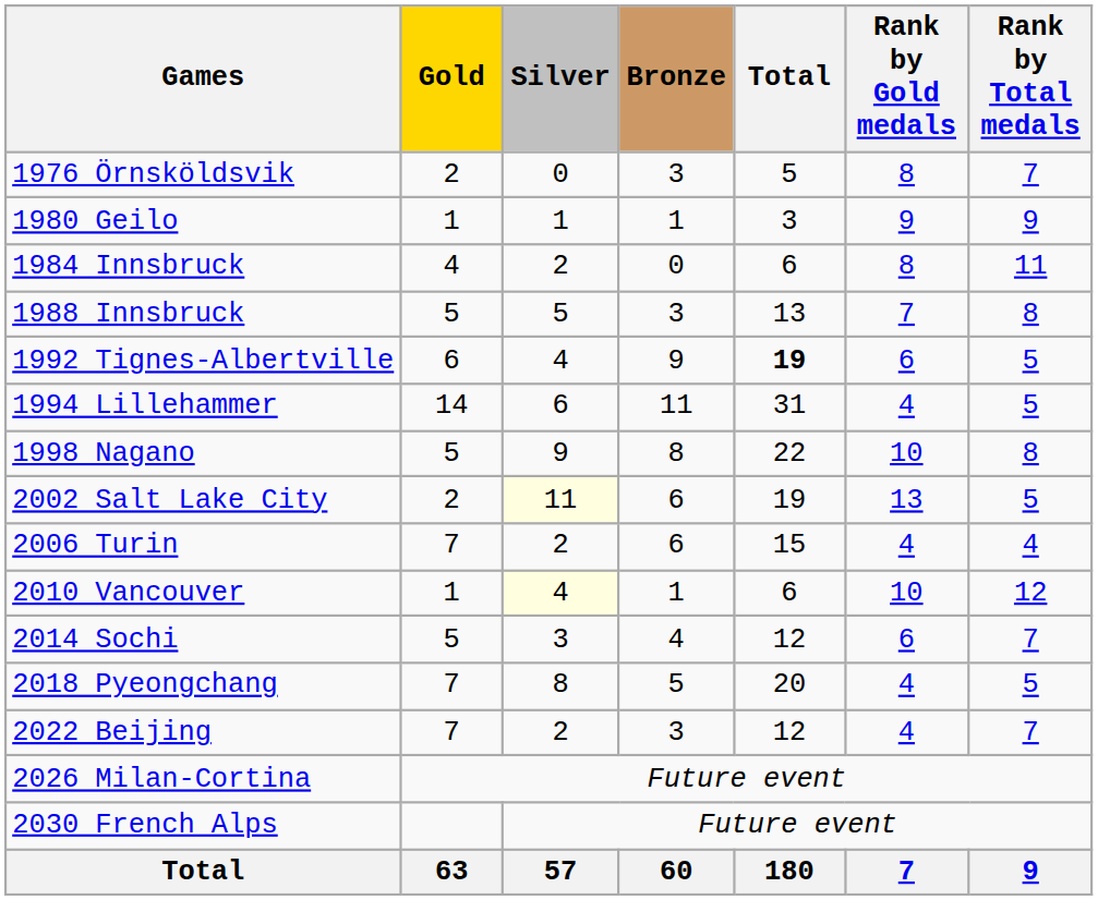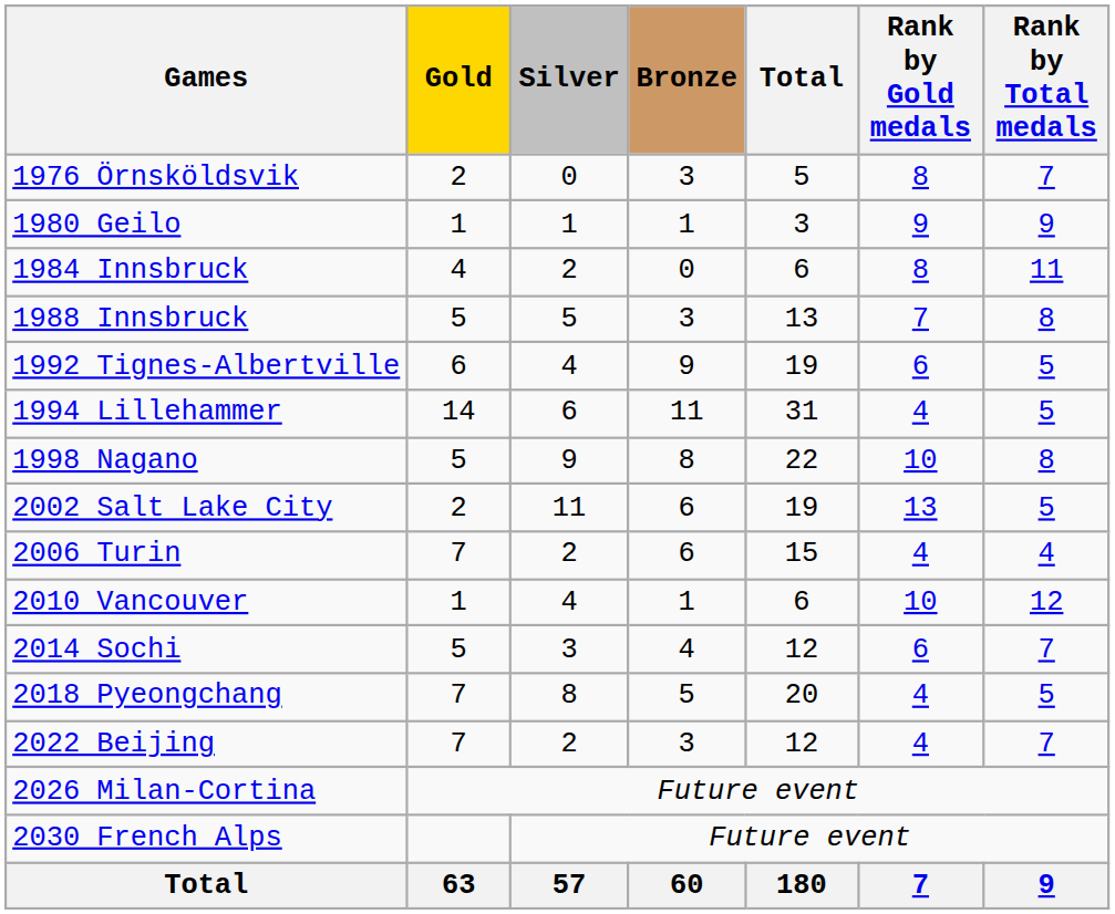 <table class="wikitable" style="text-align:center; font-size:90%;">
 <tr>
 <th>Games</th>
 <td style="background:gold; width:3.2em; font-weight:bold;">Gold</td>
 <td style="background:silver; width:3.7em; font-weight:bold;">Silver</td>
 <td style="background:#c96; width:3.7em; font-weight:bold;">Bronze</td>
 <th style="width:3.5em; font-weight:bold;">Total</th>
 <th style="width:4em; font-weight:bold;">Rank by <a href='#'>Gold medals</a></th>
 <th style="width:4em; font-weight:bold;">Rank by <a href='#'>Total medals</a></th>
 </tr>
 <tr>
 <td align=left> <a href='#'>1976 Örnsköldsvik</a></td>
 <td>2</td>
 <td>0</td>
 <td>3</td>
 <td>5</td>
 <td><a href='#'>8</a></td>
 <td><a href='#'>7</a></td>
 </tr>
 <tr>
 <td align=left> <a href='#'>1980 Geilo</a></td>
 <td>1</td>
 <td>1</td>
 <td>1</td>
 <td>3</td>
 <td><a href='#'>9</a></td>
 <td><a href='#'>9</a></td>
 </tr>
 <tr>
 <td align=left> <a href='#'>1984 Innsbruck</a></td>
 <td>4</td>
 <td>2</td>
 <td>0</td>
 <td>6</td>
 <td><a href='#'>8</a></td>
 <td><a href='#'>11</a></td>
 </tr>
 <tr>
 <td align=left> <a href='#'>1988 Innsbruck</a></td>
 <td>5</td>
 <td>5</td>
 <td>3</td>
 <td>13</td>
 <td><a href='#'>7</a></td>
 <td><a href='#'>8</a></td>
 </tr>
 <tr "border: 3px solid red">
 <td align=left> <a href='#'>1992 Tignes-Albertville</a></td>
 <td>6</td>
 <td>4</td>
 <td>9</td>
-<td><strong>19</strong></td>
+<td>19</td>
 <td><a href='#'>6</a></td>
 <td><a href='#'>5</a></td>
 </tr>
 <tr>
 <td align=left> <a href='#'>1994 Lillehammer</a></td>
 <td>14</td>
 <td>6</td>
 <td>11</td>
 <td>31</td>
 <td><a href='#'>4</a></td>
 <td><a href='#'>5</a></td>
 </tr>
 <tr>
 <td align=left> <a href='#'>1998 Nagano</a></td>
 <td>5</td>
 <td>9</td>
 <td>8</td>
 <td>22</td>
 <td><a href='#'>10</a></td>
 <td><a href='#'>8</a></td>
 </tr>
 <tr>
 <td align=left> <a href='#'>2002 Salt Lake City</a></td>
 <td>2</td>
-<td style="background: lightyellow;">11</td>
+<td>11</td>
 <td>6</td>
 <td>19</td>
 <td><a href='#'>13</a></td>
 <td><a href='#'>5</a></td>
 </tr>
 <tr>
 <td align=left> <a href='#'>2006 Turin</a></td>
 <td>7</td>
 <td>2</td>
 <td>6</td>
 <td>15</td>
 <td><a href='#'>4</a></td>
 <td><a href='#'>4</a></td>
 </tr>
 <tr>
 <td align=left> <a href='#'>2010 Vancouver</a></td>
 <td>1</td>
-<td style="background: lightyellow;">4</td>
+<td>4</td>
 <td>1</td>
 <td>6</td>
 <td><a href='#'>10</a></td>
 <td><a href='#'>12</a></td>
 </tr>
 <tr>
 <td align=left> <a href='#'>2014 Sochi</a></td>
 <td>5</td>
 <td>3</td>
 <td>4</td>
 <td>12</td>
 <td><a href='#'>6</a></td>
 <td><a href='#'>7</a></td>
 </tr>
 <tr>
 <td align=left> <a href='#'>2018 Pyeongchang</a></td>
 <td>7</td>
 <td>8</td>
 <td>5</td>
 <td>20</td>
 <td><a href='#'>4</a></td>
 <td><a href='#'>5</a></td>
 </tr>
 <tr>
 <td align=left> <a href='#'>2022 Beijing</a></td>
 <td>7</td>
 <td>2</td>
 <td>3</td>
 <td>12</td>
 <td><a href='#'>4</a></td>
 <td><a href='#'>7</a></td>
 </tr>
 <tr>
 <td align=left> <a href='#'>2026 Milan-Cortina</a></td>
 <td colspan=6; rowspan=1><em>Future event</em></td>
 </tr>
 <tr "border: 3px solid red">
 <td align=left> <a href='#'>2030 French Alps</a></td>
 <td></td>
 <td colspan=6; rowspan=1><em>Future event</em></td>
 </tr>
 <tr>
 <th>Total</th>
 <th>63</th>
 <th>57</th>
 <th>60</th>
 <th>180</th>
 <th><a href='#'>7</a></th>
 <th><a href='#'>9</a></th>
 </tr>
 </table>
